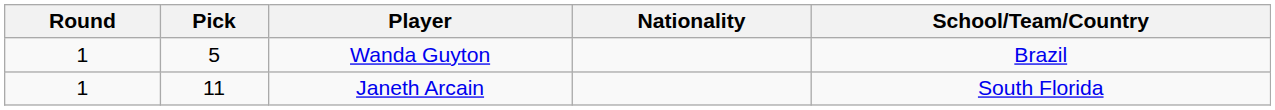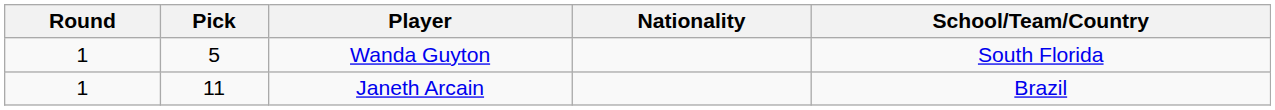 <table class="wikitable" style="text-align:center; width:60em">
 <tr>
 <th>Round</th>
 <th>Pick</th>
 <th>Player</th>
 <th>Nationality</th>
 <th>School/Team/Country</th>
 </tr>
 <tr>
 <td>1</td>
 <td>5</td>
 <td><a href='#'>Wanda Guyton</a></td>
 <td></td>
-<td><a href='#'>Brazil</a></td>
+<td><a href='#'>South Florida</a></td>
 </tr>
 <tr>
 <td>1</td>
 <td>11</td>
 <td><a href='#'>Janeth Arcain</a></td>
 <td></td>
-<td><a href='#'>South Florida</a></td>
+<td><a href='#'>Brazil</a></td>
 </tr>
 </table>
